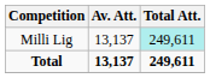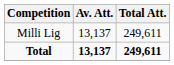 <table class="wikitable" style="text-align: center">
 <tr>
 <th>Competition</th>
 <th>Av. Att.</th>
 <th>Total Att.</th>
 </tr>
 <tr>
 <td>Milli Lig</td>
 <td>13,137</td>
-<td style="background: paleturquoise;">249,611</td>
+<td>249,611</td>
 </tr>
 <tr>
 <td><strong>Total</strong></td>
 <td><strong> 13,137</strong></td>
 <td><strong>249,611</strong></td>
 </tr>
 <tr>
 </tr>
 </table>
